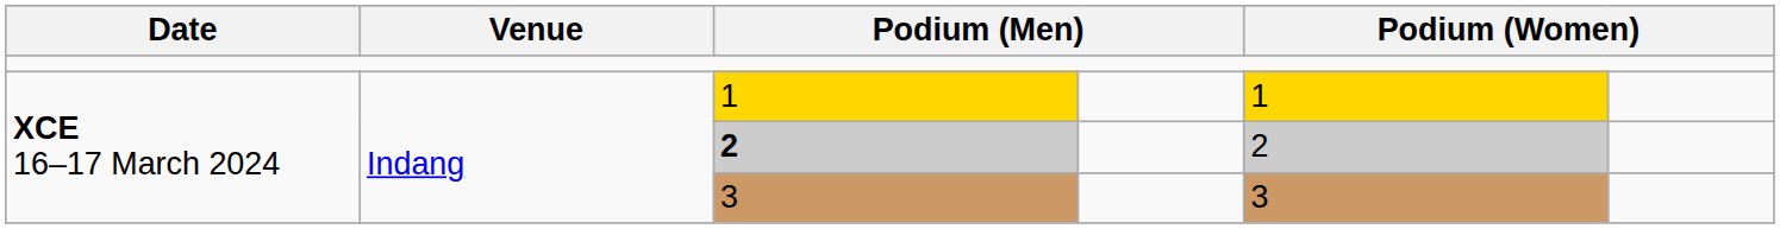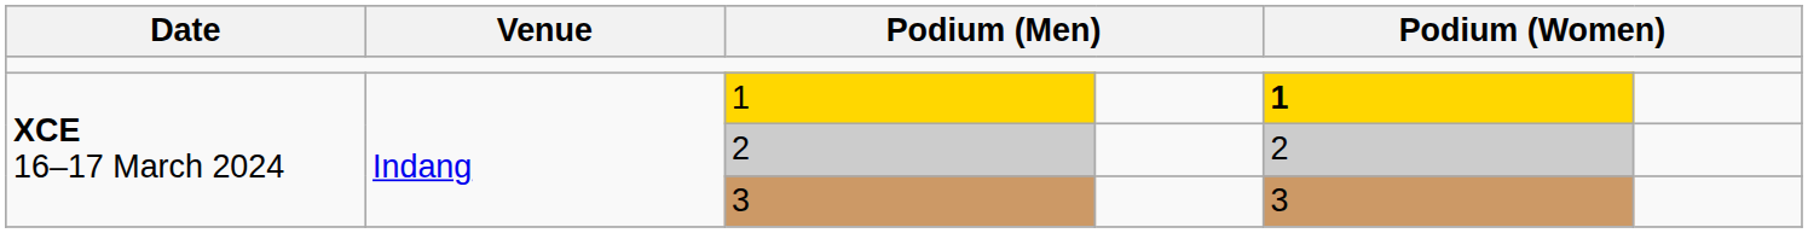 <table class="wikitable" width=70%>
 <tr>
 <th>Date</th>
 <th width=20%>Venue</th>
 <th colspan=2 width=30%>Podium (Men)</th>
 <th colspan=2 width=30%>Podium (Women)</th>
 </tr>
 <tr>
 <td colspan=6></td>
 </tr>
 <tr>
 <td rowspan=3><strong>XCE</strong> <br> 16–17 March 2024</td>
 <td rowspan=3><br><a href='#'>Indang</a></td>
 <td bgcolor=FFD700>1</td>
 <td></td>
-<td bgcolor=FFD700>1</td>
+<td bgcolor=FFD700><strong>1</strong></td>
 <td></td>
 </tr>
 <tr>
-<td bgcolor=CCCCCC><strong>2</strong></td>
+<td bgcolor=CCCCCC>2</td>
 <td></td>
 <td bgcolor=CCCCCC>2</td>
 <td></td>
 </tr>
 <tr>
 <td bgcolor=CC9966>3</td>
 <td></td>
 <td bgcolor=CC9966>3</td>
 <td></td>
 </tr>
 </table>
